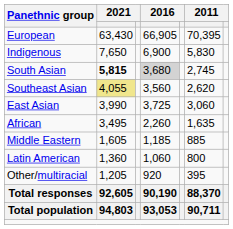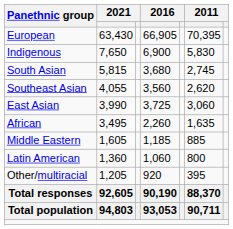 <table class="wikitable collapsible sortable">
 <tr>
 <th rowspan="2"><a href='#'>Panethnic</a> group</th>
 <th colspan="2">2021</th>
 <th colspan="2">2016</th>
 <th colspan="2">2011</th>
 </tr>
 <tr>
 <th><a href='#'></a></th>
 <th></th>
 <th></th>
 <th></th>
 <th></th>
 <th></th>
 </tr>
 <tr>
 <td><a href='#'>European</a></td>
 <td>63,430</td>
 <td></td>
 <td>66,905</td>
 <td></td>
 <td>70,395</td>
 <td></td>
 </tr>
 <tr>
 <td><a href='#'>Indigenous</a></td>
 <td>7,650</td>
 <td></td>
 <td>6,900</td>
 <td></td>
 <td>5,830</td>
 <td></td>
 </tr>
 <tr>
 <td><a href='#'>South Asian</a></td>
-<td><strong>5,815</strong></td>
+<td>5,815</td>
 <td></td>
-<td style="background: lightgrey;">3,680</td>
+<td>3,680</td>
 <td></td>
 <td>2,745</td>
 <td></td>
 </tr>
 <tr>
 <td><a href='#'>Southeast Asian</a></td>
-<td style="background: khaki;">4,055</td>
+<td>4,055</td>
 <td></td>
 <td>3,560</td>
 <td></td>
 <td>2,620</td>
 <td></td>
 </tr>
 <tr>
 <td><a href='#'>East Asian</a></td>
 <td>3,990</td>
 <td></td>
 <td>3,725</td>
 <td></td>
 <td>3,060</td>
 <td></td>
 </tr>
 <tr>
 <td><a href='#'>African</a></td>
 <td>3,495</td>
 <td></td>
 <td>2,260</td>
 <td></td>
 <td>1,635</td>
 <td></td>
 </tr>
 <tr>
 <td><a href='#'>Middle Eastern</a></td>
 <td>1,605</td>
 <td></td>
 <td>1,185</td>
 <td></td>
 <td>885</td>
 <td></td>
 </tr>
 <tr>
 <td><a href='#'>Latin American</a></td>
 <td>1,360</td>
 <td></td>
 <td>1,060</td>
 <td></td>
 <td>800</td>
 <td></td>
 </tr>
 <tr>
 <td>Other/<a href='#'>multiracial</a></td>
 <td>1,205</td>
 <td></td>
 <td>920</td>
 <td></td>
 <td>395</td>
 <td></td>
 </tr>
 <tr>
 <th>Total responses</th>
 <th>92,605</th>
 <th></th>
 <th>90,190</th>
 <th></th>
 <th>88,370</th>
 <th></th>
 </tr>
 <tr class="sortbottom">
 <th>Total population</th>
 <th>94,803</th>
 <th></th>
 <th>93,053</th>
 <th></th>
 <th>90,711</th>
 <th></th>
 </tr>
 <tr class="sortbottom">
 <td colspan="15"></td>
 </tr>
 </table>
